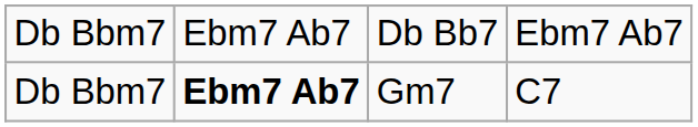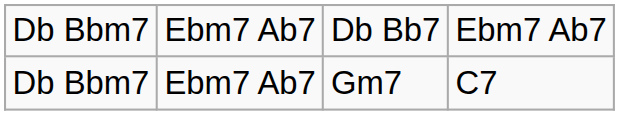 <table class="wikitable">
 <tr>
 <td>Db Bbm7</td>
 <td>Ebm7 Ab7</td>
 <td>Db Bb7</td>
 <td>Ebm7 Ab7</td>
 </tr>
 <tr>
 <td>Db Bbm7</td>
-<td><strong>Ebm7 Ab7</strong></td>
+<td>Ebm7 Ab7</td>
 <td>Gm7</td>
 <td>C7</td>
 </tr>
 </table>
